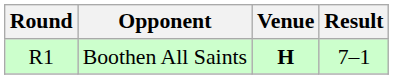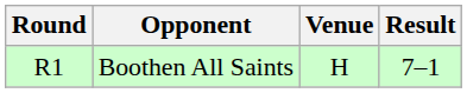 <table class="wikitable" style="font-size:100%; text-align:center">
 <tr>
 <th>Round</th>
 <th>Opponent</th>
 <th>Venue</th>
 <th>Result</th>
 </tr>
 <tr style="background-color: #CCFFCC;">
 <td>R1</td>
 <td>Boothen All Saints</td>
-<td><strong>H</strong></td>
+<td>H</td>
 <td>7–1</td>
 </tr>
 </table>
